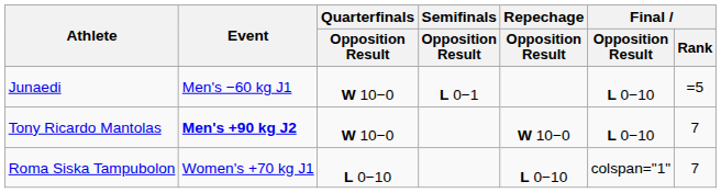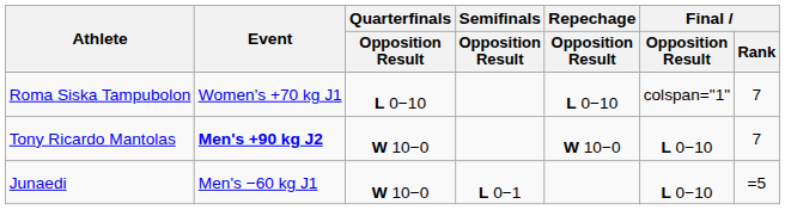 <table class="wikitable" style="font-size:90%">
 <tr>
 <th rowspan="2">Athlete</th>
 <th rowspan="2">Event</th>
 <th>Quarterfinals</th>
 <th>Semifinals</th>
 <th>Repechage</th>
 <th colspan=2>Final / </th>
 </tr>
 <tr style="font-size:95%">
 <th>Opposition<br>Result</th>
 <th>Opposition<br>Result</th>
 <th>Opposition<br>Result</th>
 <th>Opposition<br>Result</th>
 <th>Rank</th>
 </tr>
 <tr style="background:#9acdff;">
 </tr>
 <tr align=center>
-<td align=left><a href='#'>Junaedi</a></td>
-<td align=left><a href='#'>Men's −60 kg J1</a></td>
-<td><br><strong>W</strong> 10−0</td>
-<td><br><strong>L</strong> 0−1</td>
+<td align=left><a href='#'>Roma Siska Tampubolon</a></td>
+<td align=left><a href='#'>Women's +70 kg J1</a></td>
+<td><br><strong>L</strong> 0−10</td>
 <td></td>
 <td><br><strong>L</strong> 0−10</td>
-<td>=5</td>
+<td>colspan="1" </td>
+<td>7</td>
 </tr>
 <tr align=center>
 <td align=left><a href='#'>Tony Ricardo Mantolas</a></td>
 <td align=left><strong><a href='#'>Men's +90 kg J2</a></strong></td>
 <td><br><strong>W</strong> 10−0</td>
 <td></td>
 <td><br><strong>W</strong> 10−0</td>
 <td><br><strong>L</strong> 0−10</td>
 <td>7</td>
 </tr>
 <tr align=center>
-<td align=left><a href='#'>Roma Siska Tampubolon</a></td>
-<td align=left><a href='#'>Women's +70 kg J1</a></td>
-<td><br><strong>L</strong> 0−10</td>
+<td align=left><a href='#'>Junaedi</a></td>
+<td align=left><a href='#'>Men's −60 kg J1</a></td>
+<td><br><strong>W</strong> 10−0</td>
+<td><br><strong>L</strong> 0−1</td>
 <td></td>
 <td><br><strong>L</strong> 0−10</td>
-<td>colspan="1" </td>
-<td>7</td>
+<td>=5</td>
 </tr>
 </table>
